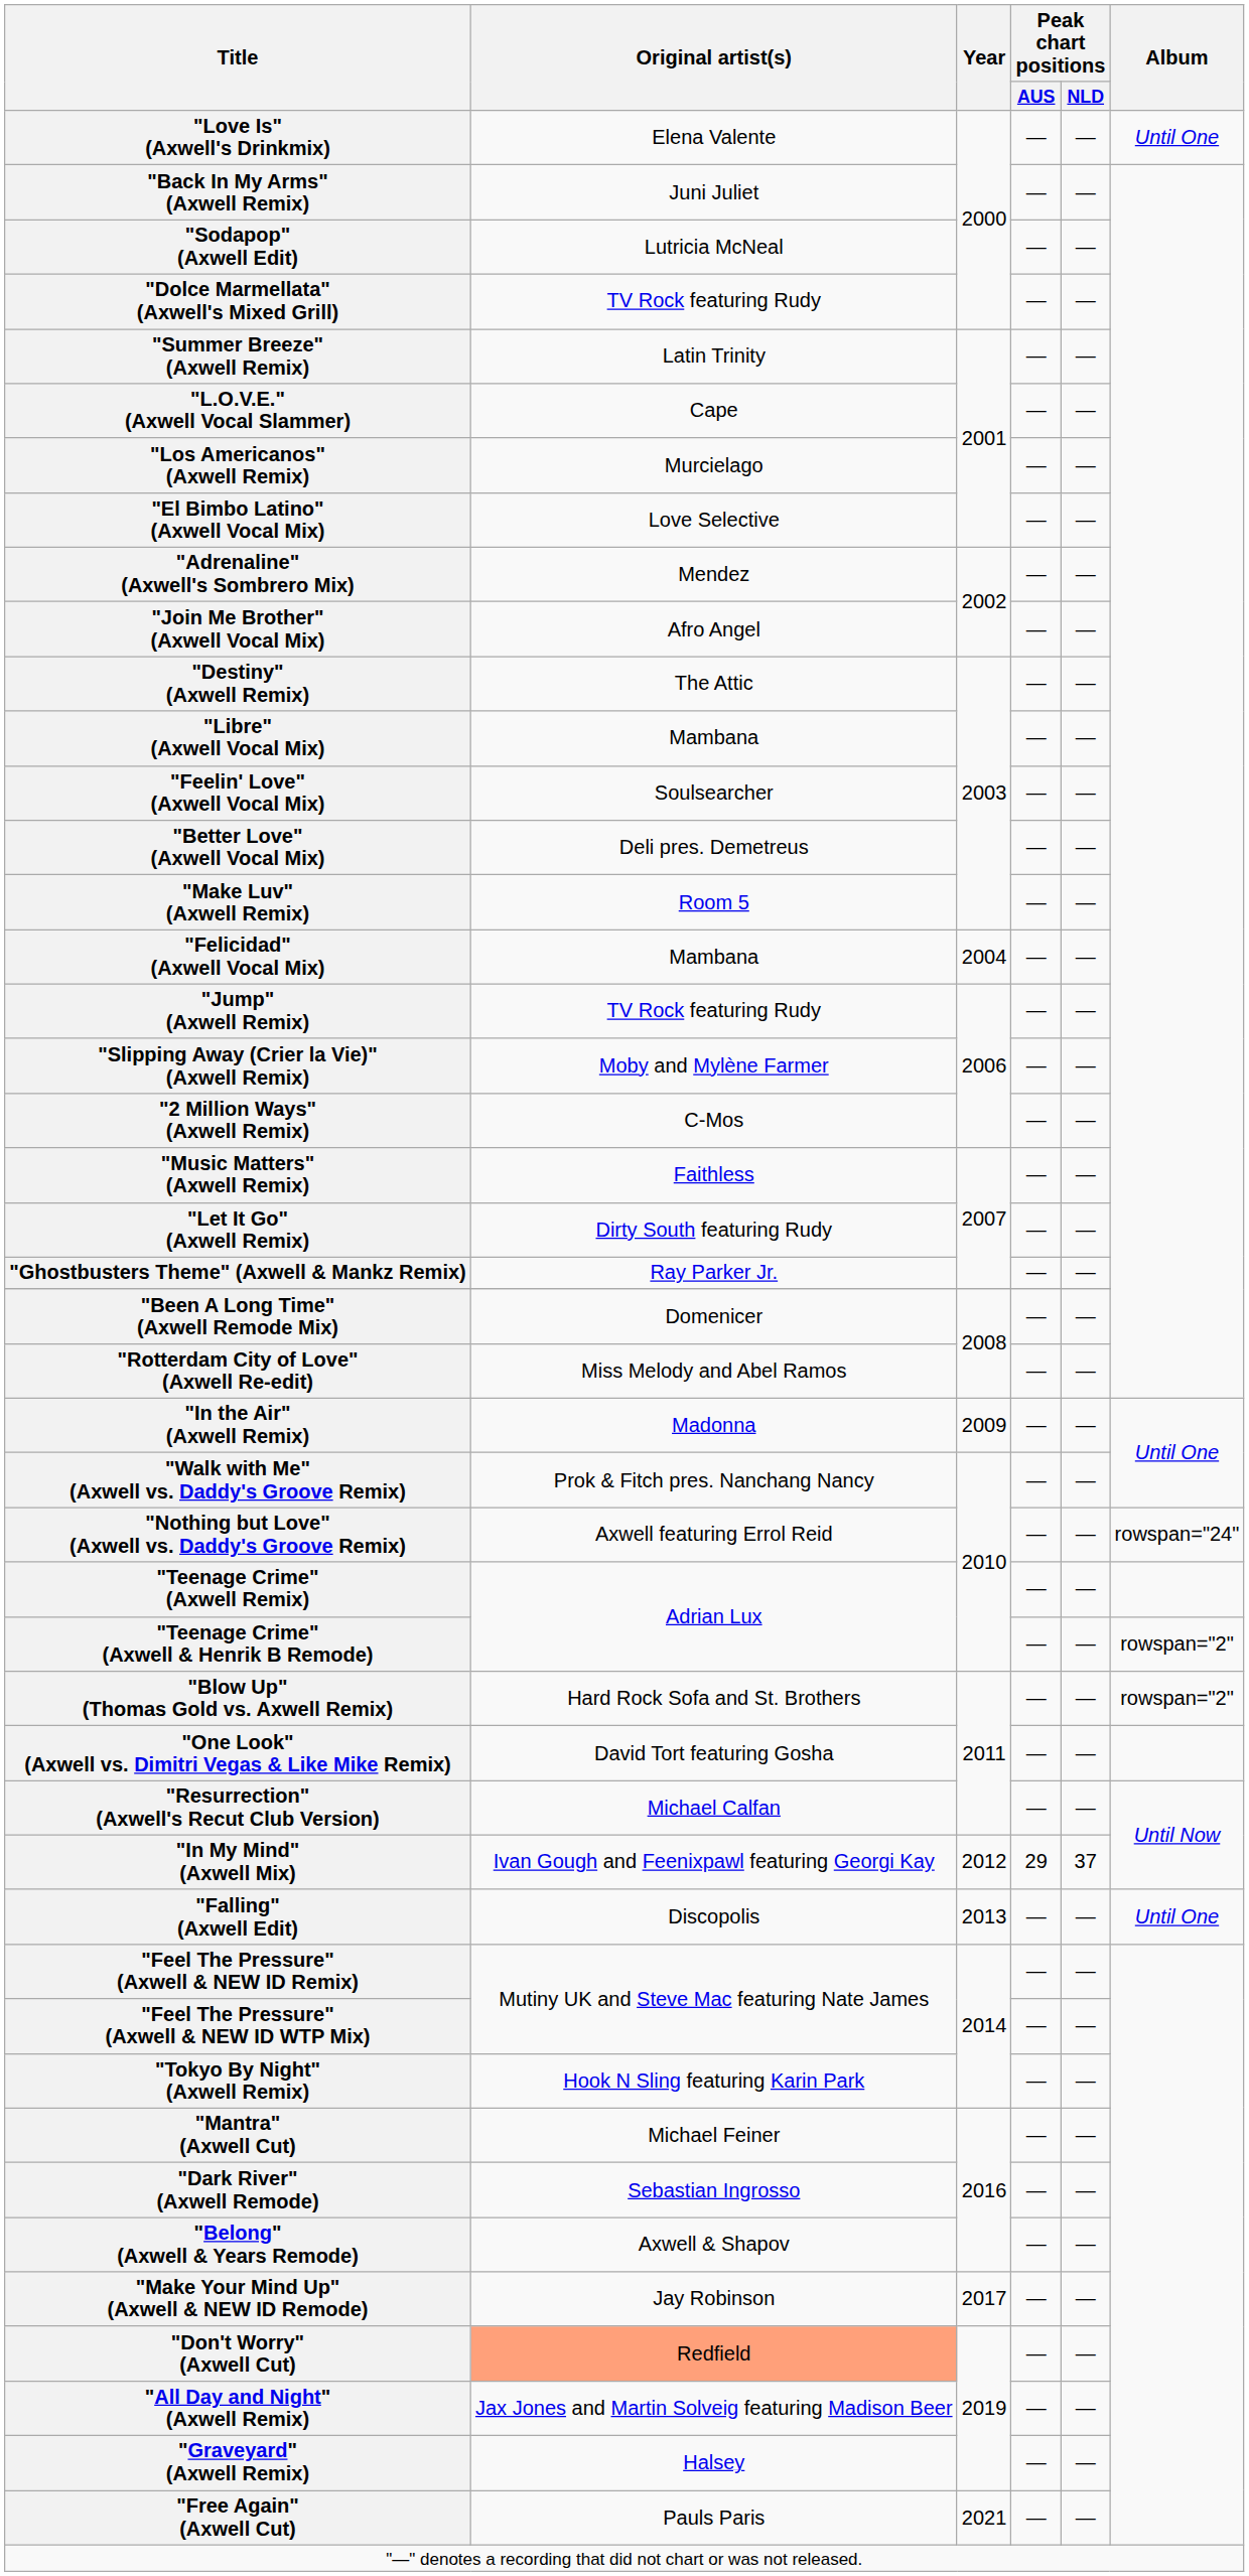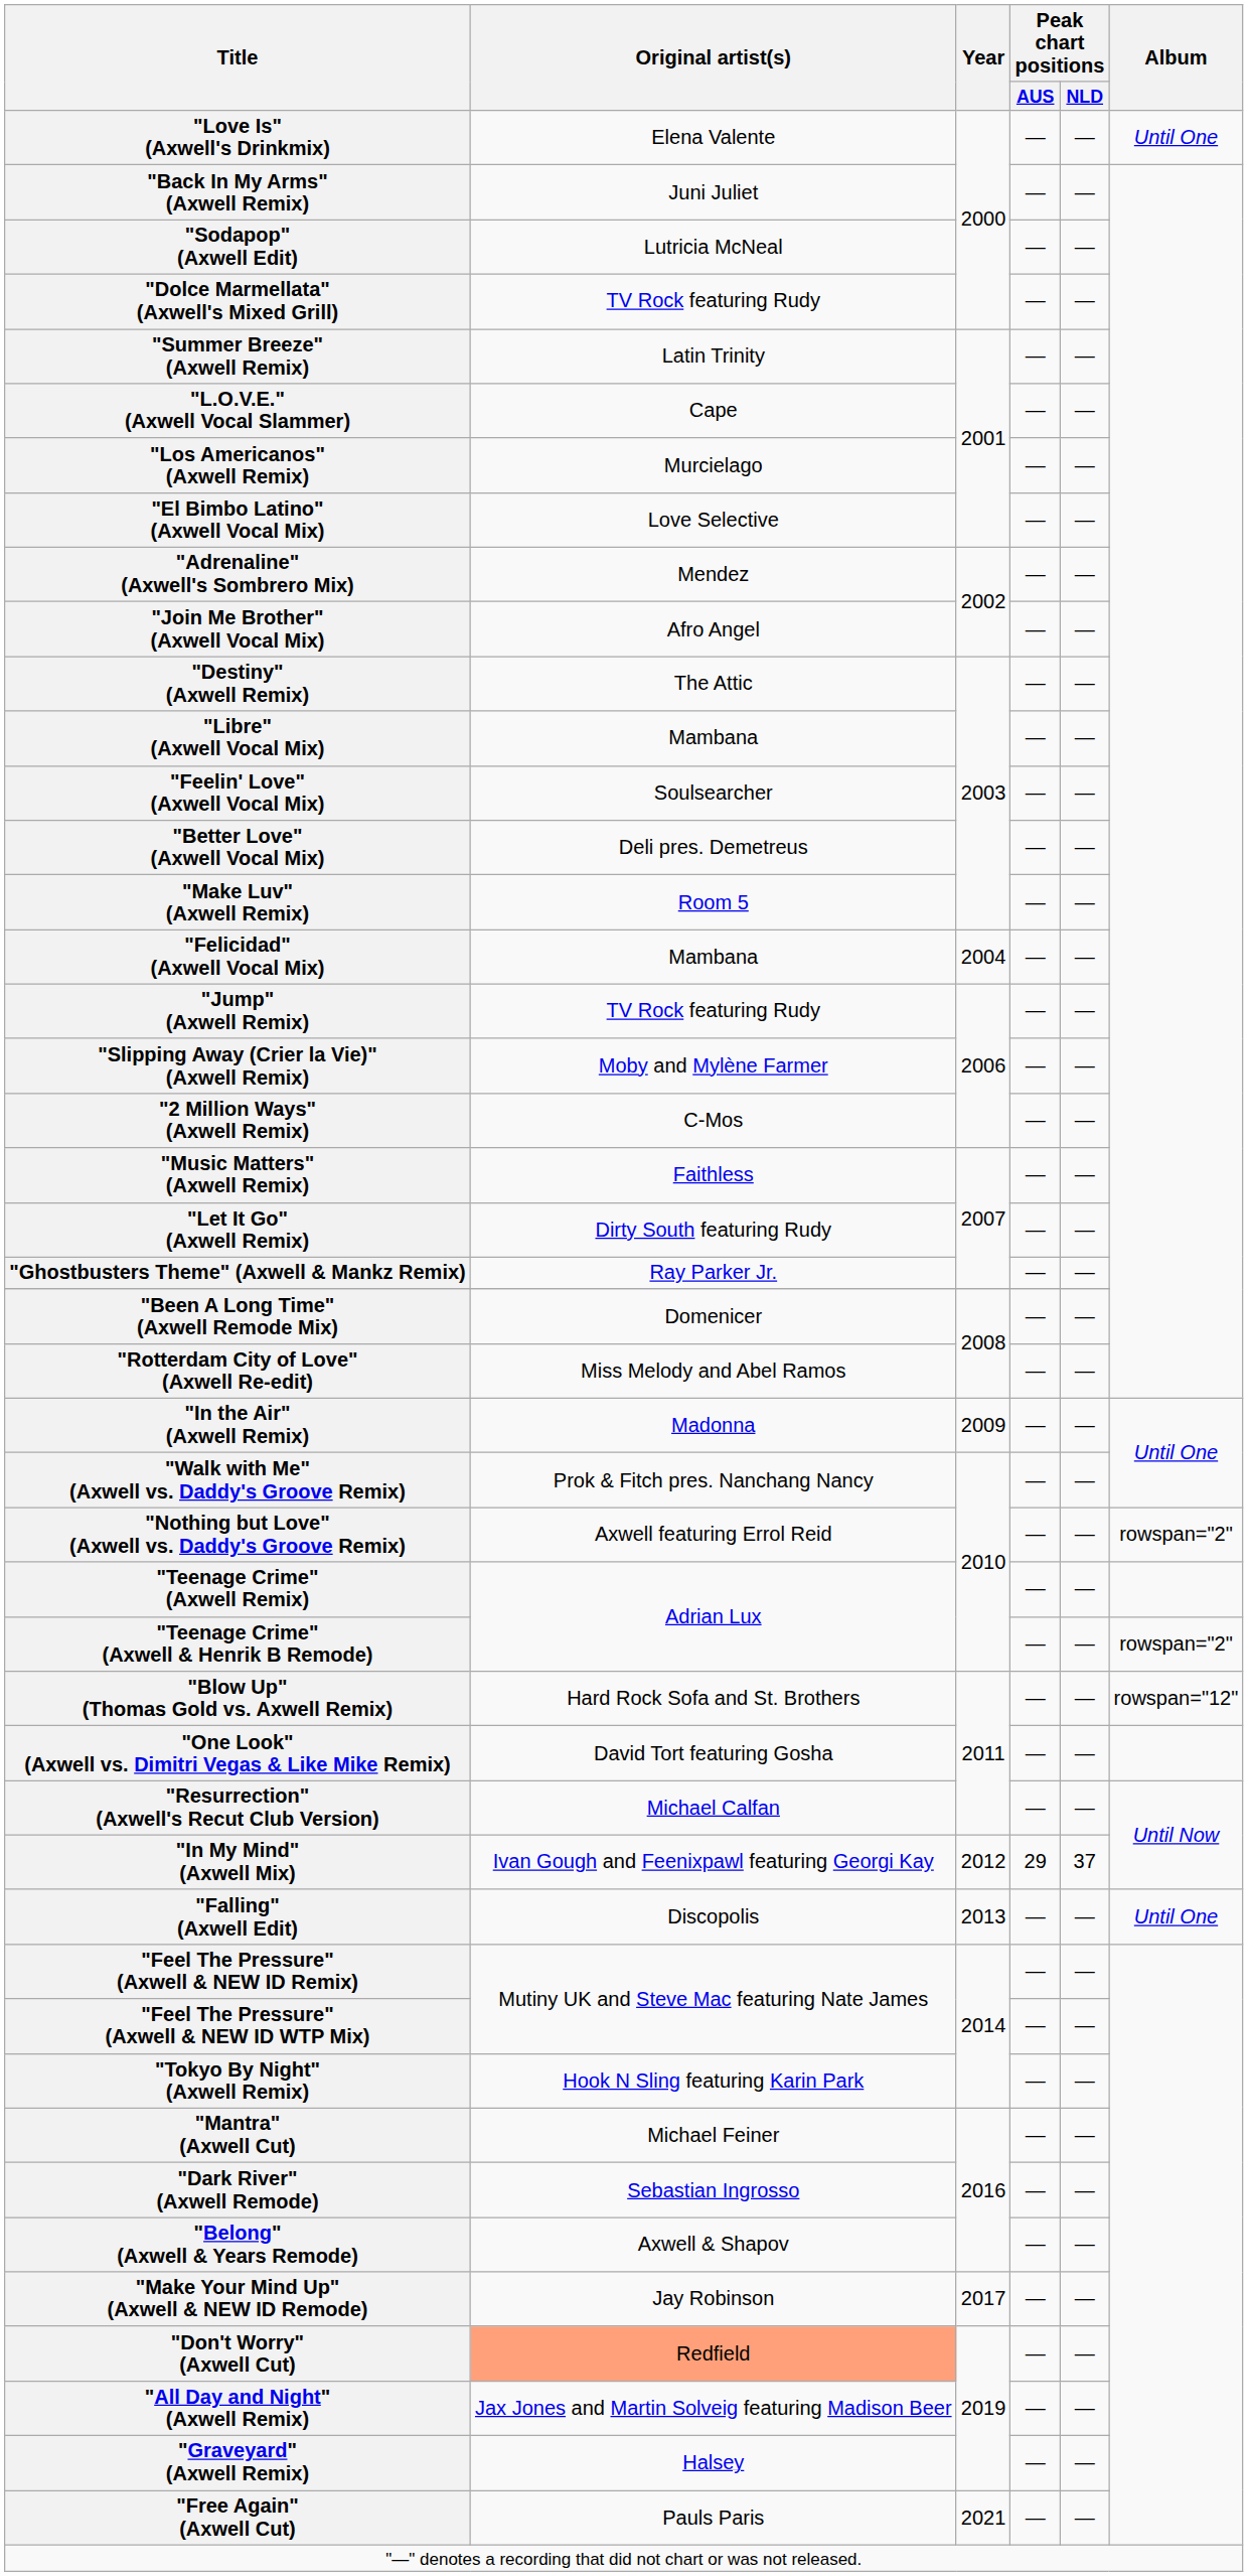 <table class="wikitable plainrowheaders" style="text-align:center;">
 <tr>
 <th scope="col" rowspan="2">Title</th>
 <th scope="col" rowspan="2">Original artist(s)</th>
 <th scope="col" rowspan="2">Year</th>
 <th scope="col" colspan="2">Peak chart positions</th>
 <th scope="col" rowspan="2">Album</th>
 </tr>
 <tr>
 <th scope="col" style="width:2em;font-size:89%;"><a href='#'>AUS</a><br></th>
 <th scope="col" style="width:2em;font-size:89%;"><a href='#'>NLD</a><br></th>
 </tr>
 <tr>
 <th scope="row">"Love Is"<br><span>(Axwell's Drinkmix)</span></th>
 <td>Elena Valente</td>
 <td rowspan="4">2000</td>
 <td>—</td>
 <td>—</td>
 <td><em><a href='#'>Until One</a></em></td>
 </tr>
 <tr>
 <th scope="row">"Back In My Arms" <br><span>(Axwell Remix)</span></th>
 <td>Juni Juliet</td>
 <td>—</td>
 <td>—</td>
 </tr>
 <tr>
 <th scope="row">"Sodapop"<br><span>(Axwell Edit)</span></th>
 <td>Lutricia McNeal</td>
 <td>—</td>
 <td>—</td>
 </tr>
 <tr>
 <th scope="row">"Dolce Marmellata"<br><span>(Axwell's Mixed Grill)</span></th>
 <td><a href='#'>TV Rock</a> featuring Rudy</td>
 <td>—</td>
 <td>—</td>
 </tr>
 <tr>
 <th scope="row">"Summer Breeze"<br><span>(Axwell Remix)</span></th>
 <td>Latin Trinity</td>
 <td rowspan="4">2001</td>
 <td>—</td>
 <td>—</td>
 </tr>
 <tr>
 <th scope="row">"L.O.V.E."<br><span>(Axwell Vocal Slammer)</span></th>
 <td>Cape</td>
 <td>—</td>
 <td>—</td>
 </tr>
 <tr>
 <th scope="row">"Los Americanos" <br><span>(Axwell Remix)</span></th>
 <td>Murcielago</td>
 <td>—</td>
 <td>—</td>
 </tr>
 <tr>
 <th scope="row">"El Bimbo Latino"<br><span>(Axwell Vocal Mix)</span></th>
 <td>Love Selective</td>
 <td>—</td>
 <td>—</td>
 </tr>
 <tr>
 <th scope="row">"Adrenaline"<br><span>(Axwell's Sombrero Mix)</span></th>
 <td>Mendez</td>
 <td rowspan="2">2002</td>
 <td>—</td>
 <td>—</td>
 </tr>
 <tr>
 <th scope="row">"Join Me Brother"<br><span>(Axwell Vocal Mix)</span></th>
 <td>Afro Angel</td>
 <td>—</td>
 <td>—</td>
 </tr>
 <tr>
 <th scope="row">"Destiny"<br><span>(Axwell Remix)</span></th>
 <td>The Attic</td>
 <td rowspan="5">2003</td>
 <td>—</td>
 <td>—</td>
 </tr>
 <tr>
 <th scope="row">"Libre"<br><span>(Axwell Vocal Mix)</span></th>
 <td>Mambana</td>
 <td>—</td>
 <td>—</td>
 </tr>
 <tr>
 <th scope="row">"Feelin' Love"<br><span>(Axwell Vocal Mix)</span></th>
 <td>Soulsearcher</td>
 <td>—</td>
 <td>—</td>
 </tr>
 <tr>
 <th scope="row">"Better Love"<br><span>(Axwell Vocal Mix)</span></th>
 <td>Deli pres. Demetreus</td>
 <td>—</td>
 <td>—</td>
 </tr>
 <tr>
 <th scope="row">"Make Luv"<br><span>(Axwell Remix)</span></th>
 <td><a href='#'>Room 5</a></td>
 <td>—</td>
 <td>—</td>
 </tr>
 <tr>
 <th scope="row">"Felicidad"<br><span>(Axwell Vocal Mix)</span></th>
 <td>Mambana</td>
 <td>2004</td>
 <td>—</td>
 <td>—</td>
 </tr>
 <tr>
 <th scope="row">"Jump"<br><span>(Axwell Remix)</span></th>
 <td><a href='#'>TV Rock</a> featuring Rudy</td>
 <td rowspan="3">2006</td>
 <td>—</td>
 <td>—</td>
 </tr>
 <tr>
 <th scope="row">"Slipping Away (Crier la Vie)"<br><span>(Axwell Remix)</span></th>
 <td><a href='#'>Moby</a> and <a href='#'>Mylène Farmer</a></td>
 <td>—</td>
 <td>—</td>
 </tr>
 <tr>
 <th scope="row">"2 Million Ways"<br><span>(Axwell Remix)</span></th>
 <td>C-Mos</td>
 <td>—</td>
 <td>—</td>
 </tr>
 <tr>
 <th scope="row">"Music Matters"<br><span>(Axwell Remix)</span></th>
 <td><a href='#'>Faithless</a></td>
 <td rowspan="3">2007</td>
 <td>—</td>
 <td>—</td>
 </tr>
 <tr>
 <th scope="row">"Let It Go"<br><span>(Axwell Remix)</span></th>
 <td><a href='#'>Dirty South</a> featuring Rudy</td>
 <td>—</td>
 <td>—</td>
 </tr>
 <tr>
 <th scope="row">"Ghostbusters Theme" (Axwell & Mankz Remix)</th>
 <td><a href='#'>Ray Parker Jr.</a></td>
 <td>—</td>
 <td>—</td>
 </tr>
 <tr>
 </tr>
 <tr>
 <th scope="row">"Been A Long Time"<br><span>(Axwell Remode Mix)</span></th>
 <td>Domenicer</td>
 <td rowspan="2">2008</td>
 <td>—</td>
 <td>—</td>
 </tr>
 <tr>
 <th scope="row">"Rotterdam City of Love"<br><span>(Axwell Re-edit)</span></th>
 <td>Miss Melody and Abel Ramos</td>
 <td>—</td>
 <td>—</td>
 </tr>
 <tr>
 <th scope="row">"In the Air"<br><span>(Axwell Remix)</span></th>
 <td><a href='#'>Madonna</a></td>
 <td>2009</td>
 <td>—</td>
 <td>—</td>
 <td rowspan="2"><em><a href='#'>Until One</a></em></td>
 </tr>
 <tr>
 <th scope="row">"Walk with Me"<br><span>(Axwell vs. <a href='#'>Daddy's Groove</a> Remix)</span></th>
 <td>Prok & Fitch pres. Nanchang Nancy</td>
 <td rowspan="4">2010</td>
 <td>—</td>
 <td>—</td>
 </tr>
 <tr>
 <th scope="row">"Nothing but Love"<br><span>(Axwell vs. <a href='#'>Daddy's Groove</a> Remix)</span></th>
 <td>Axwell featuring Errol Reid</td>
 <td>—</td>
 <td>—</td>
-<td>rowspan="24" </td>
+<td>rowspan="2" </td>
 </tr>
 <tr>
 <th scope="row">"Teenage Crime"<br><span>(Axwell  Remix)</span></th>
 <td rowspan="2"><a href='#'>Adrian Lux</a></td>
 <td>—</td>
 <td>—</td>
 </tr>
 <tr>
 <th scope="row">"Teenage Crime"<br><span>(Axwell & Henrik B Remode)</span></th>
 <td>—</td>
 <td>—</td>
 <td>rowspan="2" </td>
 </tr>
 <tr>
 <th scope="row">"Blow Up"<br><span>(Thomas Gold vs. Axwell Remix)</span></th>
 <td>Hard Rock Sofa and St. Brothers</td>
 <td rowspan="3">2011</td>
 <td>—</td>
 <td>—</td>
-<td>rowspan="2" </td>
+<td>rowspan="12" </td>
 </tr>
 <tr>
 <th scope="row">"One Look"<br><span>(Axwell vs. <a href='#'>Dimitri Vegas & Like Mike</a> Remix)</span></th>
 <td>David Tort featuring Gosha</td>
 <td>—</td>
 <td>—</td>
 </tr>
 <tr>
 <th scope="row">"Resurrection"<br><span>(Axwell's Recut Club Version)</span></th>
 <td><a href='#'>Michael Calfan</a></td>
 <td>—</td>
 <td>—</td>
 <td rowspan="2"><em><a href='#'>Until Now</a></em></td>
 </tr>
 <tr>
 <th scope="row">"In My Mind"<br><span>(Axwell Mix)</span></th>
 <td><a href='#'>Ivan Gough</a> and <a href='#'>Feenixpawl</a> featuring <a href='#'>Georgi Kay</a></td>
 <td>2012</td>
 <td>29</td>
 <td>37</td>
 </tr>
 <tr>
 <th scope="row">"Falling"<br><span>(Axwell Edit)</span></th>
 <td>Discopolis</td>
 <td>2013</td>
 <td>—</td>
 <td>—</td>
 <td><em><a href='#'>Until One</a></em></td>
 </tr>
 <tr>
 <th scope="row">"Feel The Pressure"<br><span>(Axwell & NEW ID Remix)</span></th>
 <td rowspan="2">Mutiny UK and <a href='#'>Steve Mac</a> featuring Nate James</td>
 <td rowspan="3">2014</td>
 <td>—</td>
 <td>—</td>
 </tr>
 <tr>
 <th scope="row">"Feel The Pressure"<br><span>(Axwell & NEW ID WTP Mix)</span></th>
 <td>—</td>
 <td>—</td>
 </tr>
 <tr>
 <th scope="row">"Tokyo By Night"<br><span>(Axwell Remix)</span></th>
 <td><a href='#'>Hook N Sling</a> featuring <a href='#'>Karin Park</a></td>
 <td>—</td>
 <td>—</td>
 </tr>
 <tr>
 <th scope="row">"Mantra"<br><span>(Axwell Cut)</span></th>
 <td>Michael Feiner</td>
 <td rowspan="3">2016</td>
 <td>—</td>
 <td>—</td>
 </tr>
 <tr>
 <th scope="row">"Dark River"<br><span>(Axwell Remode)</span></th>
 <td><a href='#'>Sebastian Ingrosso</a></td>
 <td>—</td>
 <td>—</td>
 </tr>
 <tr>
 <th scope="row">"<a href='#'>Belong</a>"<br><span>(Axwell & Years Remode)</span></th>
 <td>Axwell & Shapov</td>
 <td>—</td>
 <td>—</td>
 </tr>
 <tr>
 <th scope="row">"Make Your Mind Up"<br><span>(Axwell & NEW ID Remode)</span></th>
 <td>Jay Robinson</td>
 <td>2017</td>
 <td>—</td>
 <td>—</td>
 </tr>
 <tr>
 <th scope="row">"Don't Worry" <br><span>(Axwell Cut)</span></th>
 <td style="background: lightsalmon;">Redfield</td>
 <td rowspan="3">2019</td>
 <td>—</td>
 <td>—</td>
 </tr>
 <tr>
 <th scope="row">"<a href='#'>All Day and Night</a>"<br><span>(Axwell Remix)</span></th>
 <td><a href='#'>Jax Jones</a> and <a href='#'>Martin Solveig</a> featuring <a href='#'>Madison Beer</a></td>
 <td>—</td>
 <td>—</td>
 </tr>
 <tr>
 <th scope="row">"<a href='#'>Graveyard</a>" <br><span>(Axwell Remix)</span></th>
 <td><a href='#'>Halsey</a></td>
 <td>—</td>
 <td>—</td>
 </tr>
 <tr>
 <th scope="row">"Free Again" <br><span>(Axwell Cut)</span></th>
 <td>Pauls Paris</td>
 <td>2021</td>
 <td>—</td>
 <td>—</td>
 </tr>
 <tr>
 <td colspan="6" style="font-size:85%">"—" denotes a recording that did not chart or was not released.</td>
 </tr>
 </table>
